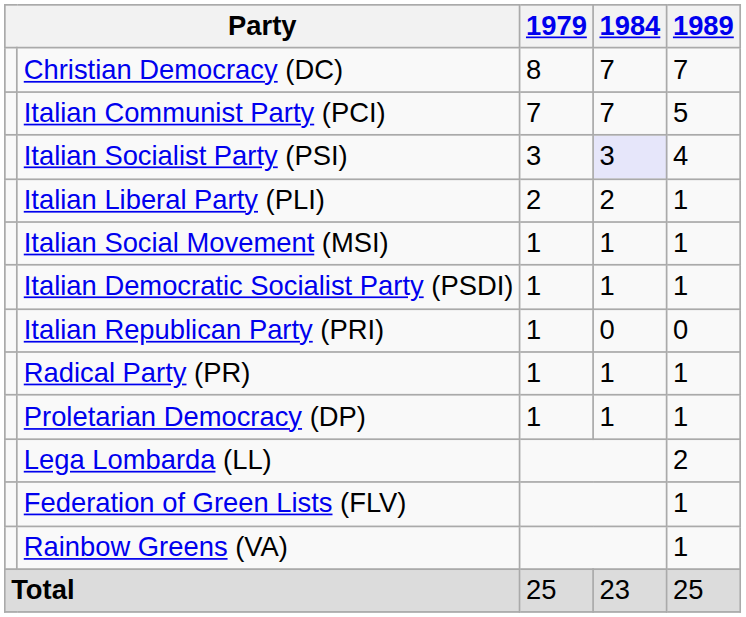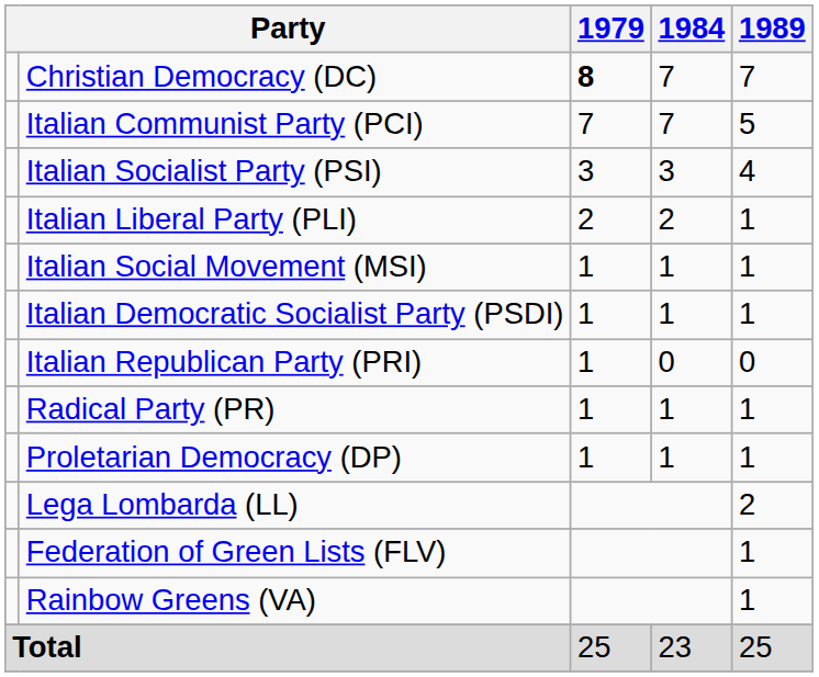 <table class="wikitable">
 <tr>
 <th colspan=2>Party</th>
 <th><a href='#'>1979</a></th>
 <th><a href='#'>1984</a></th>
 <th><a href='#'>1989</a></th>
 </tr>
 <tr>
 <td></td>
 <td><a href='#'>Christian Democracy</a> (DC)</td>
-<td>8</td>
+<td><strong>8</strong></td>
 <td>7</td>
 <td>7</td>
 </tr>
 <tr>
 <td></td>
 <td><a href='#'>Italian Communist Party</a> (PCI)</td>
 <td>7</td>
 <td>7</td>
 <td>5</td>
 </tr>
 <tr>
 <td></td>
 <td><a href='#'>Italian Socialist Party</a> (PSI)</td>
 <td>3</td>
-<td style="background: lavender;">3</td>
+<td>3</td>
 <td>4</td>
 </tr>
 <tr>
 <td></td>
 <td><a href='#'>Italian Liberal Party</a> (PLI)</td>
 <td>2</td>
 <td>2</td>
 <td>1</td>
 </tr>
 <tr>
 <td></td>
 <td><a href='#'>Italian Social Movement</a> (MSI)</td>
 <td>1</td>
 <td>1</td>
 <td>1</td>
 </tr>
 <tr>
 <td></td>
 <td><a href='#'>Italian Democratic Socialist Party</a> (PSDI)</td>
 <td>1</td>
 <td>1</td>
 <td>1</td>
 </tr>
 <tr>
 <td></td>
 <td><a href='#'>Italian Republican Party</a> (PRI)</td>
 <td>1</td>
 <td>0</td>
 <td>0</td>
 </tr>
 <tr>
 <td></td>
 <td><a href='#'>Radical Party</a> (PR)</td>
 <td>1</td>
 <td>1</td>
 <td>1</td>
 </tr>
 <tr>
 <td></td>
 <td><a href='#'>Proletarian Democracy</a> (DP)</td>
 <td>1</td>
 <td>1</td>
 <td>1</td>
 </tr>
 <tr>
 <td></td>
 <td><a href='#'>Lega Lombarda</a> (LL)</td>
 <td colspan="2"></td>
 <td>2</td>
 </tr>
 <tr>
 <td></td>
 <td><a href='#'>Federation of Green Lists</a> (FLV)</td>
 <td colspan="2"></td>
 <td>1</td>
 </tr>
 <tr>
 <td></td>
 <td><a href='#'>Rainbow Greens</a> (VA)</td>
 <td colspan="2"></td>
 <td>1</td>
 </tr>
 <tr style="background-color:#dcdcdc">
 <td colspan=2><strong>Total</strong></td>
 <td>25</td>
 <td>23</td>
 <td>25</td>
 </tr>
 </table>
